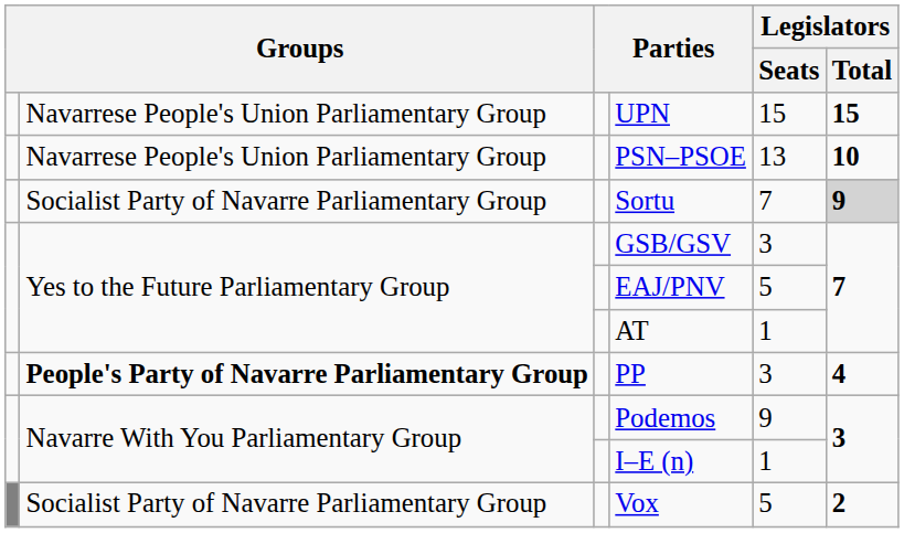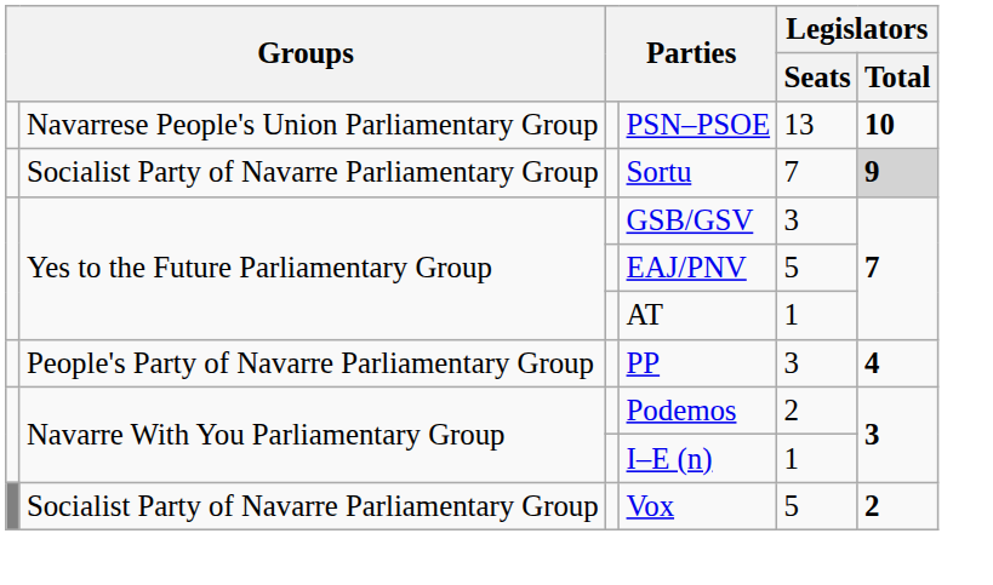 <table class="wikitable" style="text-align:left;">
 <tr>
 <th rowspan="2" colspan="2">Groups</th>
 <th rowspan="2" colspan="2">Parties</th>
 <th colspan="2">Legislators</th>
 </tr>
 <tr>
 <th>Seats</th>
 <th>Total</th>
-</tr>
-<tr>
-<td width="1" style="color:inherit;background:"></td>
-<td>Navarrese People's Union Parliamentary Group</td>
-<td width="1" style="color:inherit;background:"></td>
-<td><a href='#'>UPN</a></td>
-<td>15</td>
-<td><strong>15</strong></td>
 </tr>
 <tr>
 <td style="color:inherit;background:"></td>
 <td>Navarrese People's Union Parliamentary Group</td>
 <td style="color:inherit;background:"></td>
 <td><a href='#'>PSN–PSOE</a></td>
 <td>13</td>
 <td><strong>10</strong></td>
 </tr>
 <tr>
 <td style="color:inherit;background:"></td>
 <td>Socialist Party of Navarre Parliamentary Group</td>
 <td style="color:inherit;background:"></td>
 <td><a href='#'>Sortu</a></td>
 <td>7</td>
 <td style="background: lightgrey;"><strong>9</strong></td>
 </tr>
 <tr>
 <td rowspan="3" style="color:inherit;background:"></td>
 <td rowspan="3">Yes to the Future Parliamentary Group</td>
 <td style="color:inherit;background:"></td>
 <td><a href='#'>GSB/GSV</a></td>
 <td>3</td>
 <td rowspan="3"><strong>7</strong></td>
 </tr>
 <tr>
 <td style="color:inherit;background:"></td>
 <td><a href='#'>EAJ/PNV</a></td>
 <td>5</td>
 </tr>
 <tr>
 <td style="color:inherit;background:"></td>
 <td>AT</td>
 <td>1</td>
 </tr>
 <tr>
 <td style="color:inherit;background:"></td>
-<td><strong>People's Party of Navarre Parliamentary Group</strong></td>
+<td>People's Party of Navarre Parliamentary Group</td>
 <td style="color:inherit;background:"></td>
 <td><a href='#'>PP</a></td>
 <td>3</td>
 <td><strong>4</strong></td>
 </tr>
 <tr>
 <td rowspan="2" style="color:inherit;background:"></td>
 <td rowspan="2">Navarre With You Parliamentary Group</td>
 <td style="color:inherit;background:"></td>
 <td><a href='#'>Podemos</a></td>
-<td>9</td>
+<td>2</td>
 <td rowspan="2"><strong>3</strong></td>
 </tr>
 <tr>
 <td style="color:inherit;background:"></td>
 <td><a href='#'>I–E (n)</a></td>
 <td>1</td>
 </tr>
 <tr>
 <td bgcolor="gray"></td>
 <td>Socialist Party of Navarre Parliamentary Group</td>
 <td style="color:inherit;background:"></td>
 <td><a href='#'>Vox</a></td>
 <td>5</td>
 <td><strong>2</strong></td>
 </tr>
 </table>
